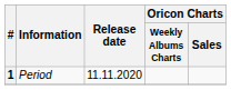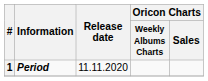 <table class="wikitable">
 <tr>
 <th rowspan="2">#</th>
 <th rowspan="2">Information</th>
 <th rowspan="2">Release<br> date<br></th>
 <th colspan="2">Oricon Charts</th>
 </tr>
 <tr>
 <th><small>Weekly<br>Albums<br>Charts</small></th>
 <th>Sales</th>
 </tr>
 <tr>
 <th>1</th>
-<td><em>Period</em></td>
+<td><strong><em>Period</em></strong></td>
 <td>11.11.2020</td>
 <td style="text-align:center;"></td>
 <td></td>
 </tr>
 <tr>
 </tr>
 </table>
